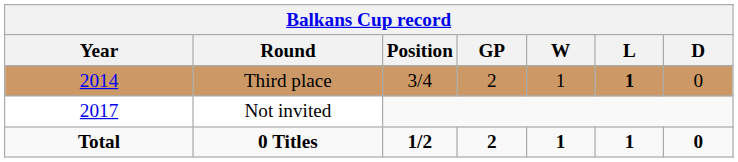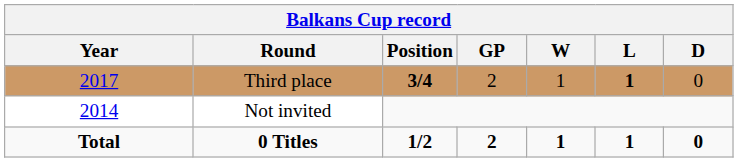 <table class="wikitable" style="text-align: center;">
 <tr>
 <th colspan=9><a href='#'>Balkans Cup record</a></th>
 </tr>
 <tr>
 <th width=150>Year</th>
 <th width=150>Round</th>
 <th width=50>Position</th>
 <th width=50>GP</th>
 <th width=50>W</th>
 <th width=50>L</th>
 <th width=50>D</th>
 </tr>
 <tr bgcolor=cc9966>
-<td style="border:"> <a href='#'>2014</a></td>
+<td style="border:"> <a href='#'>2017</a></td>
 <td>Third place</td>
-<td>3/4</td>
+<td><strong>3/4</strong></td>
 <td>2</td>
 <td>1</td>
 <td><strong>1</strong></td>
 <td>0</td>
 </tr>
 <tr bgcolor=white>
-<td style="border:"> <a href='#'>2017</a></td>
+<td style="border:"> <a href='#'>2014</a></td>
 <td>Not invited</td>
 </tr>
 <tr>
 <td><strong>Total</strong></td>
 <td><strong>0 Titles</strong></td>
 <td><strong>1/2</strong></td>
 <td><strong>2</strong></td>
 <td><strong>1</strong></td>
 <td><strong>1</strong></td>
 <td><strong>0</strong></td>
 </tr>
 </table>
